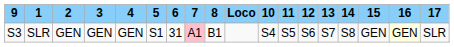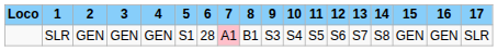 <table class="wikitable plainrowheaders unsortable" style="text-align:center">
 <tr>
-<th scope="col" rowspan="1" style="background:lightskyblue;">9</th>
+<th scope="col" rowspan="1" style="background:lightskyblue;">Loco</th>
 <th scope="col" rowspan="1" style="background:lightskyblue;">1</th>
 <th scope="col" rowspan="1" style="background:lightskyblue;">2</th>
 <th scope="col" rowspan="1" style="background:lightskyblue;">3</th>
 <th scope="col" rowspan="1" style="background:lightskyblue;">4</th>
 <th scope="col" rowspan="1" style="background:lightskyblue;">5</th>
 <th scope="col" rowspan="1" style="background:lightskyblue;">6</th>
 <th scope="col" rowspan="1" style="background:lightskyblue;">7</th>
 <th scope="col" rowspan="1" style="background:lightskyblue;">8</th>
-<th scope="col" rowspan="1" style="background:lightskyblue;">Loco</th>
+<th scope="col" rowspan="1" style="background:lightskyblue;">9</th>
 <th scope="col" rowspan="1" style="background:lightskyblue;">10</th>
 <th scope="col" rowspan="1" style="background:lightskyblue;">11</th>
 <th scope="col" rowspan="1" style="background:lightskyblue;">12</th>
 <th scope="col" rowspan="1" style="background:lightskyblue;">13</th>
 <th scope="col" rowspan="1" style="background:lightskyblue;">14</th>
 <th scope="col" rowspan="1" style="background:lightskyblue;">15</th>
 <th scope="col" rowspan="1" style="background:lightskyblue;">16</th>
 <th scope="col" rowspan="1" style="background:lightskyblue;">17</th>
 </tr>
 <tr>
-<td>S3</td>
+<td></td>
 <td>SLR</td>
 <td>GEN</td>
 <td>GEN</td>
 <td>GEN</td>
 <td>S1</td>
-<td>31</td>
+<td>28</td>
 <td style="background: pink;">A1</td>
 <td>B1</td>
-<td></td>
+<td>S3</td>
 <td>S4</td>
 <td>S5</td>
 <td>S6</td>
 <td>S7</td>
 <td>S8</td>
 <td>GEN</td>
-<td style="background: lightyellow;">GEN</td>
+<td>GEN</td>
 <td>SLR</td>
 </tr>
 </table>
